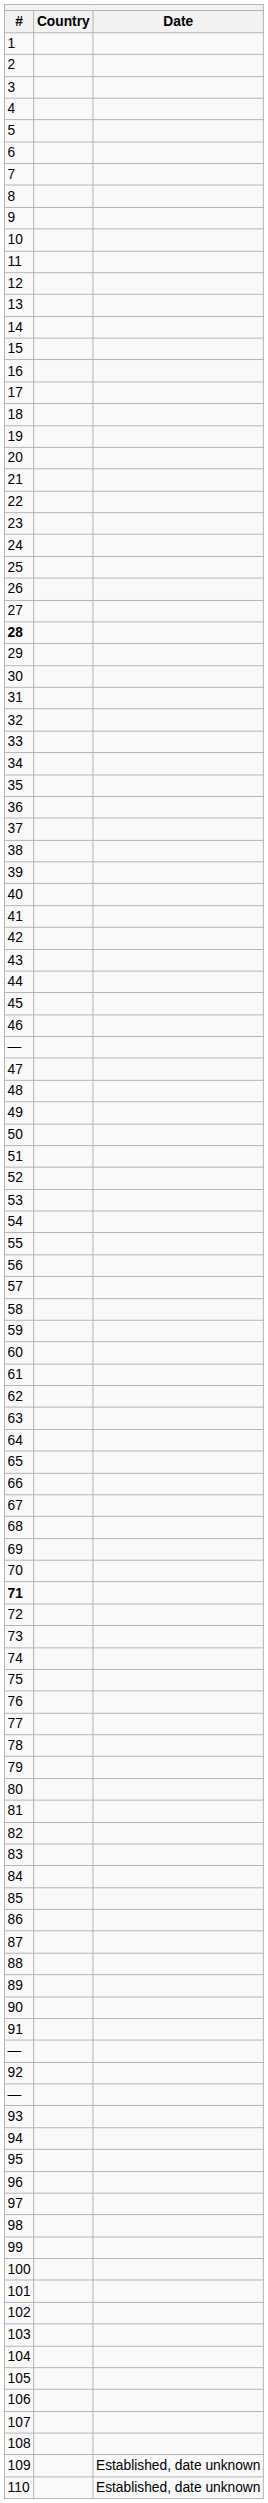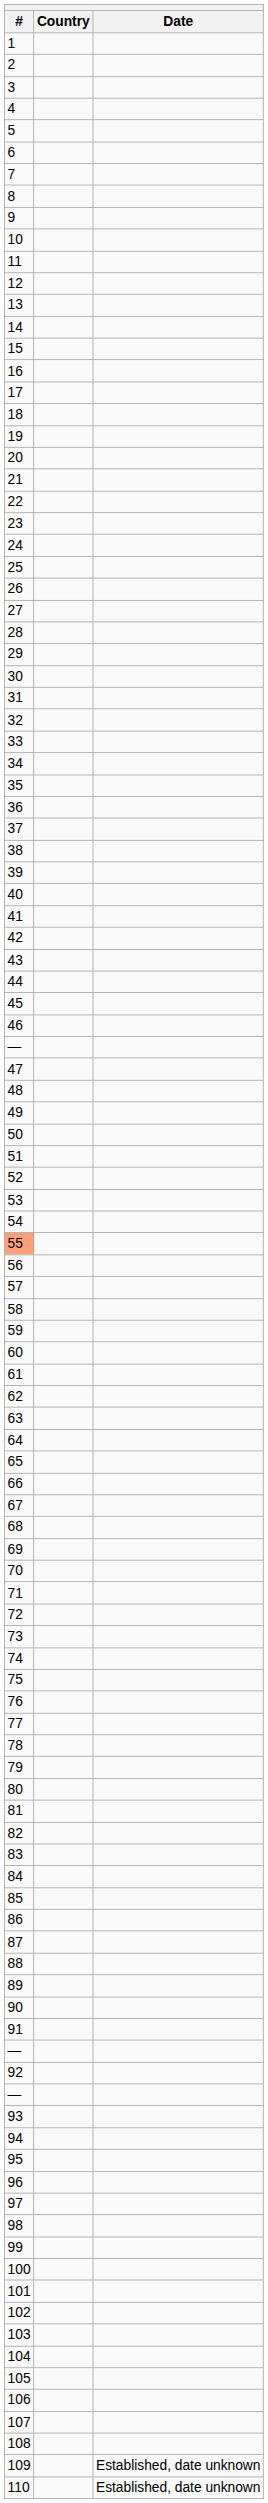 <table class="wikitable sortable">
 <tr>
 <th colspan="3"></th>
 </tr>
 <tr>
 <th>#</th>
 <th>Country</th>
 <th>Date</th>
 </tr>
 <tr>
 <td>1</td>
 <td></td>
 <td></td>
 </tr>
 <tr>
 <td>2</td>
 <td></td>
 <td></td>
 </tr>
 <tr>
 <td>3</td>
 <td></td>
 <td></td>
 </tr>
 <tr>
 <td>4</td>
 <td></td>
 <td></td>
 </tr>
 <tr>
 <td>5</td>
 <td></td>
 <td></td>
 </tr>
 <tr>
 <td>6</td>
 <td></td>
 <td></td>
 </tr>
 <tr>
 <td>7</td>
 <td></td>
 <td></td>
 </tr>
 <tr>
 <td>8</td>
 <td></td>
 <td></td>
 </tr>
 <tr>
 <td>9</td>
 <td></td>
 <td></td>
 </tr>
 <tr>
 <td>10</td>
 <td></td>
 <td></td>
 </tr>
 <tr>
 <td>11</td>
 <td></td>
 <td></td>
 </tr>
 <tr>
 <td>12</td>
 <td></td>
 <td></td>
 </tr>
 <tr>
 <td>13</td>
 <td></td>
 <td></td>
 </tr>
 <tr>
 <td>14</td>
 <td></td>
 <td></td>
 </tr>
 <tr>
 <td>15</td>
 <td></td>
 <td></td>
 </tr>
 <tr>
 <td>16</td>
 <td></td>
 <td></td>
 </tr>
 <tr>
 <td>17</td>
 <td></td>
 <td></td>
 </tr>
 <tr>
 <td>18</td>
 <td></td>
 <td></td>
 </tr>
 <tr>
 <td>19</td>
 <td></td>
 <td></td>
 </tr>
 <tr>
 <td>20</td>
 <td></td>
 <td></td>
 </tr>
 <tr>
 <td>21</td>
 <td></td>
 <td></td>
 </tr>
 <tr>
 <td>22</td>
 <td></td>
 <td></td>
 </tr>
 <tr>
 <td>23</td>
 <td></td>
 <td></td>
 </tr>
 <tr>
 <td>24</td>
 <td></td>
 <td></td>
 </tr>
 <tr>
 <td>25</td>
 <td></td>
 <td></td>
 </tr>
 <tr>
 <td>26</td>
 <td></td>
 <td></td>
 </tr>
 <tr>
 <td>27</td>
 <td></td>
 <td></td>
 </tr>
 <tr>
-<td><strong>28</strong></td>
+<td>28</td>
 <td></td>
 <td></td>
 </tr>
 <tr>
 <td>29</td>
 <td></td>
 <td></td>
 </tr>
 <tr>
 <td>30</td>
 <td></td>
 <td></td>
 </tr>
 <tr>
 <td>31</td>
 <td></td>
 <td></td>
 </tr>
 <tr>
 <td>32</td>
 <td></td>
 <td></td>
 </tr>
 <tr>
 <td>33</td>
 <td></td>
 <td></td>
 </tr>
 <tr>
 <td>34</td>
 <td></td>
 <td></td>
 </tr>
 <tr>
 <td>35</td>
 <td></td>
 <td></td>
 </tr>
 <tr>
 <td>36</td>
 <td></td>
 <td></td>
 </tr>
 <tr>
 <td>37</td>
 <td></td>
 <td></td>
 </tr>
 <tr>
 <td>38</td>
 <td></td>
 <td></td>
 </tr>
 <tr>
 <td>39</td>
 <td></td>
 <td></td>
 </tr>
 <tr>
 <td>40</td>
 <td></td>
 <td></td>
 </tr>
 <tr>
 <td>41</td>
 <td></td>
 <td></td>
 </tr>
 <tr>
 <td>42</td>
 <td></td>
 <td></td>
 </tr>
 <tr>
 <td>43</td>
 <td></td>
 <td></td>
 </tr>
 <tr>
 <td>44</td>
 <td></td>
 <td></td>
 </tr>
 <tr>
 <td>45</td>
 <td></td>
 <td></td>
 </tr>
 <tr>
 <td>46</td>
 <td></td>
 <td></td>
 </tr>
 <tr>
 <td>—</td>
 <td></td>
 <td></td>
 </tr>
 <tr>
 <td>47</td>
 <td></td>
 <td></td>
 </tr>
 <tr>
 <td>48</td>
 <td></td>
 <td></td>
 </tr>
 <tr>
 <td>49</td>
 <td></td>
 <td></td>
 </tr>
 <tr>
 <td>50</td>
 <td></td>
 <td></td>
 </tr>
 <tr>
 <td>51</td>
 <td></td>
 <td></td>
 </tr>
 <tr>
 <td>52</td>
 <td></td>
 <td></td>
 </tr>
 <tr>
 <td>53</td>
 <td></td>
 <td></td>
 </tr>
 <tr>
 <td>54</td>
 <td></td>
 <td></td>
 </tr>
 <tr>
-<td>55</td>
+<td style="background: lightsalmon;">55</td>
 <td></td>
 <td></td>
 </tr>
 <tr>
 <td>56</td>
 <td></td>
 <td></td>
 </tr>
 <tr>
 <td>57</td>
 <td></td>
 <td></td>
 </tr>
 <tr>
 <td>58</td>
 <td></td>
 <td></td>
 </tr>
 <tr>
 <td>59</td>
 <td></td>
 <td></td>
 </tr>
 <tr>
 <td>60</td>
 <td></td>
 <td></td>
 </tr>
 <tr>
 <td>61</td>
 <td></td>
 <td></td>
 </tr>
 <tr>
 <td>62</td>
 <td></td>
 <td></td>
 </tr>
 <tr>
 <td>63</td>
 <td></td>
 <td></td>
 </tr>
 <tr>
 <td>64</td>
 <td></td>
 <td></td>
 </tr>
 <tr>
 <td>65</td>
 <td></td>
 <td></td>
 </tr>
 <tr>
 <td>66</td>
 <td></td>
 <td></td>
 </tr>
 <tr>
 <td>67</td>
 <td></td>
 <td></td>
 </tr>
 <tr>
 <td>68</td>
 <td></td>
 <td></td>
 </tr>
 <tr>
 <td>69</td>
 <td></td>
 <td></td>
 </tr>
 <tr>
 <td>70</td>
 <td></td>
 <td></td>
 </tr>
 <tr>
-<td><strong>71</strong></td>
+<td>71</td>
 <td></td>
 <td></td>
 </tr>
 <tr>
 <td>72</td>
 <td></td>
 <td></td>
 </tr>
 <tr>
 <td>73</td>
 <td></td>
 <td></td>
 </tr>
 <tr>
 <td>74</td>
 <td></td>
 <td></td>
 </tr>
 <tr>
 <td>75</td>
 <td></td>
 <td></td>
 </tr>
 <tr>
 <td>76</td>
 <td></td>
 <td></td>
 </tr>
 <tr>
 <td>77</td>
 <td></td>
 <td></td>
 </tr>
 <tr>
 <td>78</td>
 <td></td>
 <td></td>
 </tr>
 <tr>
 <td>79</td>
 <td></td>
 <td></td>
 </tr>
 <tr>
 <td>80</td>
 <td></td>
 <td></td>
 </tr>
 <tr>
 <td>81</td>
 <td></td>
 <td></td>
 </tr>
 <tr>
 <td>82</td>
 <td></td>
 <td></td>
 </tr>
 <tr>
 <td>83</td>
 <td></td>
 <td></td>
 </tr>
 <tr>
 <td>84</td>
 <td></td>
 <td></td>
 </tr>
 <tr>
 <td>85</td>
 <td></td>
 <td></td>
 </tr>
 <tr>
 <td>86</td>
 <td></td>
 <td></td>
 </tr>
 <tr>
 <td>87</td>
 <td></td>
 <td></td>
 </tr>
 <tr>
 <td>88</td>
 <td></td>
 <td></td>
 </tr>
 <tr>
 <td>89</td>
 <td></td>
 <td></td>
 </tr>
 <tr>
 <td>90</td>
 <td></td>
 <td></td>
 </tr>
 <tr>
 <td>91</td>
 <td></td>
 <td></td>
 </tr>
 <tr>
 <td>—</td>
 <td></td>
 <td></td>
 </tr>
 <tr>
 <td>92</td>
 <td></td>
 <td></td>
 </tr>
 <tr>
 <td>—</td>
 <td></td>
 <td></td>
 </tr>
 <tr>
 <td>93</td>
 <td></td>
 <td></td>
 </tr>
 <tr>
 <td>94</td>
 <td></td>
 <td></td>
 </tr>
 <tr>
 <td>95</td>
 <td></td>
 <td></td>
 </tr>
 <tr>
 <td>96</td>
 <td></td>
 <td></td>
 </tr>
 <tr>
 <td>97</td>
 <td></td>
 <td></td>
 </tr>
 <tr>
 <td>98</td>
 <td></td>
 <td></td>
 </tr>
 <tr>
 <td>99</td>
 <td></td>
 <td></td>
 </tr>
 <tr>
 <td>100</td>
 <td></td>
 <td></td>
 </tr>
 <tr>
 <td>101</td>
 <td></td>
 <td></td>
 </tr>
 <tr>
 <td>102</td>
 <td></td>
 <td></td>
 </tr>
 <tr>
 <td>103</td>
 <td></td>
 <td></td>
 </tr>
 <tr>
 <td>104</td>
 <td></td>
 <td></td>
 </tr>
 <tr>
 <td>105</td>
 <td></td>
 <td></td>
 </tr>
 <tr>
 <td>106</td>
 <td></td>
 <td></td>
 </tr>
 <tr>
 <td>107</td>
 <td></td>
 <td></td>
 </tr>
 <tr>
 <td>108</td>
 <td></td>
 <td></td>
 </tr>
 <tr>
 <td>109</td>
 <td></td>
 <td>Established, date unknown</td>
 </tr>
 <tr>
 <td>110</td>
 <td></td>
 <td>Established, date unknown</td>
 </tr>
 </table>
